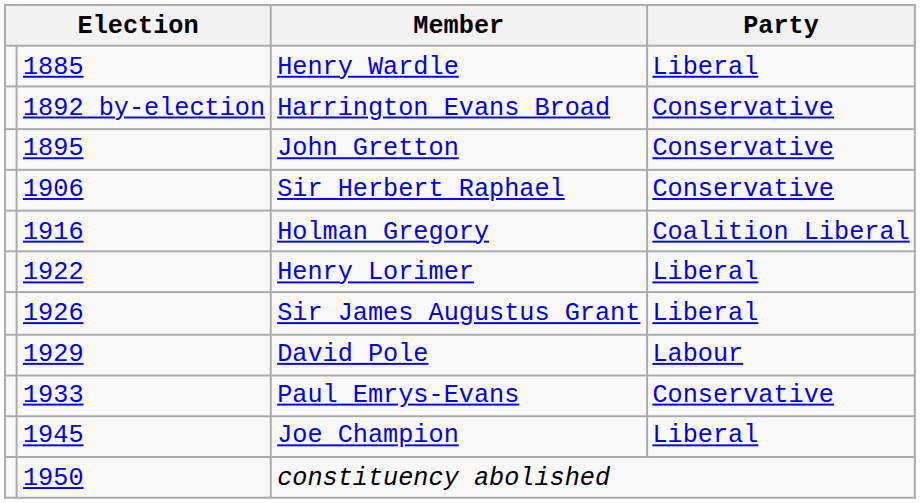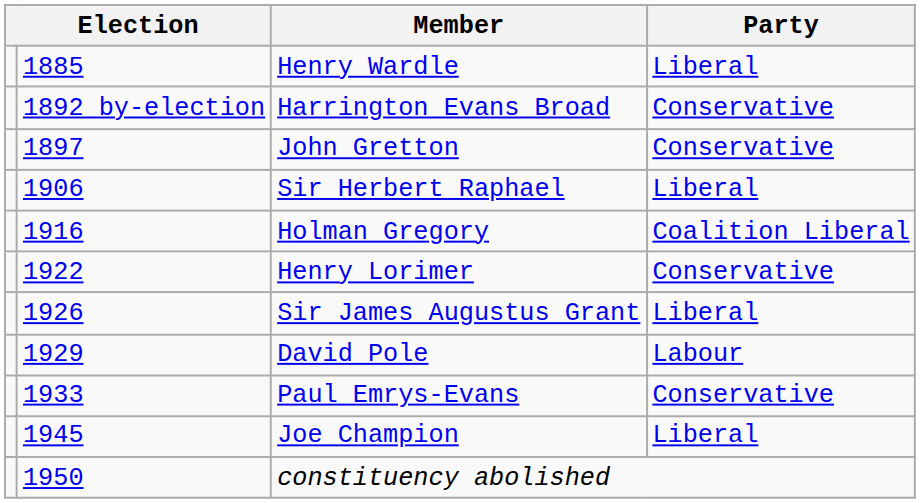 <table class="wikitable">
 <tr>
 <th colspan="2">Election</th>
 <th>Member</th>
 <th>Party</th>
 </tr>
 <tr>
 <td style="color:inherit;background-color: "></td>
 <td><a href='#'>1885</a></td>
 <td><a href='#'>Henry Wardle</a></td>
 <td><a href='#'>Liberal</a></td>
 </tr>
 <tr>
 <td style="color:inherit;background-color: "></td>
 <td><a href='#'>1892 by-election</a></td>
 <td><a href='#'>Harrington Evans Broad</a></td>
 <td><a href='#'>Conservative</a></td>
 </tr>
 <tr>
 <td style="color:inherit;background-color: "></td>
-<td><a href='#'>1895</a></td>
+<td><a href='#'>1897</a></td>
 <td><a href='#'>John Gretton</a></td>
 <td><a href='#'>Conservative</a></td>
 </tr>
 <tr>
 <td style="color:inherit;background-color: "></td>
 <td><a href='#'>1906</a></td>
 <td><a href='#'>Sir Herbert Raphael</a></td>
-<td><a href='#'>Conservative</a></td>
+<td><a href='#'>Liberal</a></td>
 </tr>
 <tr>
 <td style="color:inherit;background-color: "></td>
 <td><a href='#'>1916</a></td>
 <td><a href='#'>Holman Gregory</a></td>
 <td><a href='#'>Coalition Liberal</a></td>
 </tr>
 <tr>
 <td style="color:inherit;background-color: "></td>
 <td><a href='#'>1922</a></td>
 <td><a href='#'>Henry Lorimer</a></td>
-<td><a href='#'>Liberal</a></td>
+<td><a href='#'>Conservative</a></td>
 </tr>
 <tr>
 <td style="color:inherit;background-color: "></td>
 <td><a href='#'>1926</a></td>
 <td><a href='#'>Sir James Augustus Grant</a></td>
 <td><a href='#'>Liberal</a></td>
 </tr>
 <tr>
 <td style="color:inherit;background-color: "></td>
 <td><a href='#'>1929</a></td>
 <td><a href='#'>David Pole</a></td>
 <td><a href='#'>Labour</a></td>
 </tr>
 <tr>
 <td style="color:inherit;background-color: "></td>
 <td><a href='#'>1933</a></td>
 <td><a href='#'>Paul Emrys-Evans</a></td>
 <td><a href='#'>Conservative</a></td>
 </tr>
 <tr>
 <td style="color:inherit;background-color: "></td>
 <td><a href='#'>1945</a></td>
 <td><a href='#'>Joe Champion</a></td>
 <td><a href='#'>Liberal</a></td>
 </tr>
 <tr>
 <td></td>
 <td><a href='#'>1950</a></td>
 <td colspan="2"><em>constituency abolished</em></td>
 </tr>
 </table>
